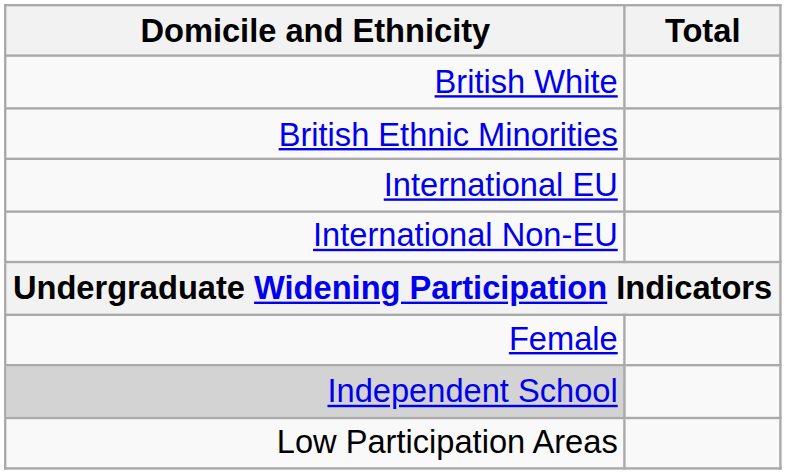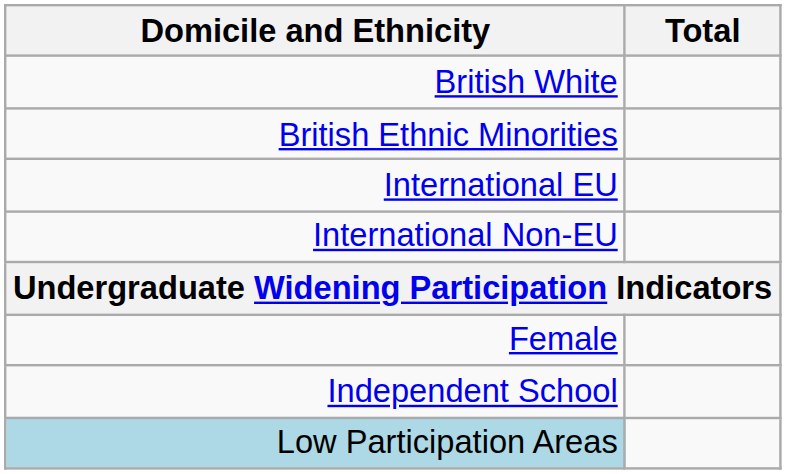 <table class="wikitable floatright sortable collapsible mw-collapsible"; style="font-size:85%; text-align:right;">
 <tr>
 <th>Domicile and Ethnicity</th>
 <th colspan="2" data-sort-type=number>Total</th>
 </tr>
 <tr>
 <td><a href='#'>British White</a></td>
 <td align=right></td>
 </tr>
 <tr>
 <td><a href='#'>British Ethnic Minorities</a></td>
 <td align=right></td>
 </tr>
 <tr>
 <td><a href='#'>International EU</a></td>
 <td align=right></td>
 </tr>
 <tr>
 <td><a href='#'>International Non-EU</a></td>
 <td align=right></td>
 </tr>
 <tr>
 <th colspan="4" data-sort-type=number>Undergraduate <a href='#'>Widening Participation</a> Indicators</th>
 </tr>
 <tr>
 <td><a href='#'>Female</a></td>
 <td align=right></td>
 </tr>
 <tr>
-<td style="background: lightgrey;"><a href='#'>Independent School</a></td>
+<td><a href='#'>Independent School</a></td>
 <td align=right></td>
 </tr>
 <tr>
-<td>Low Participation Areas</td>
+<td style="background: lightblue;">Low Participation Areas</td>
 <td align=right></td>
 </tr>
 </table>
